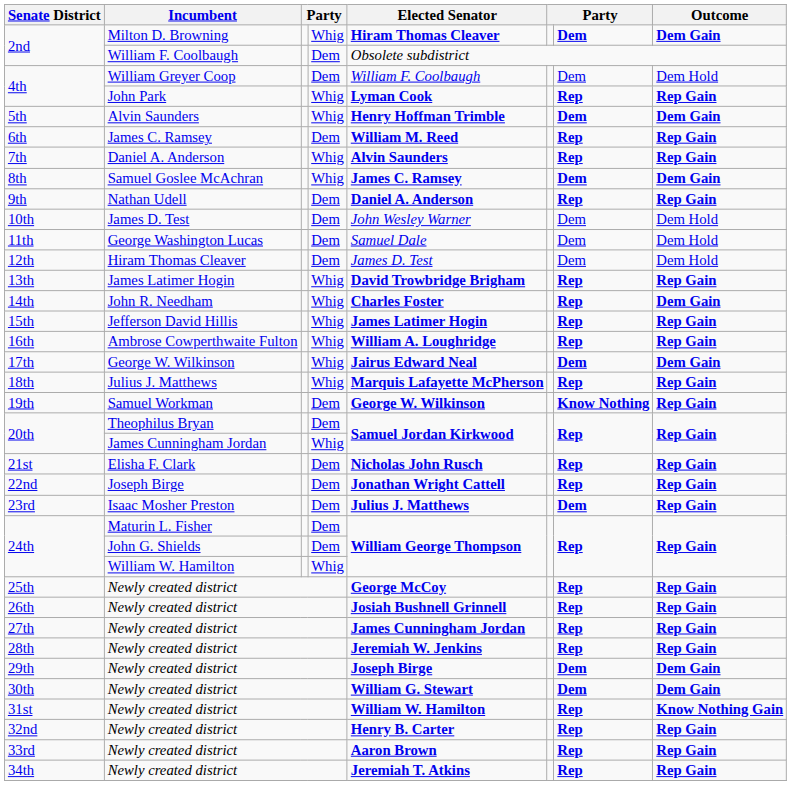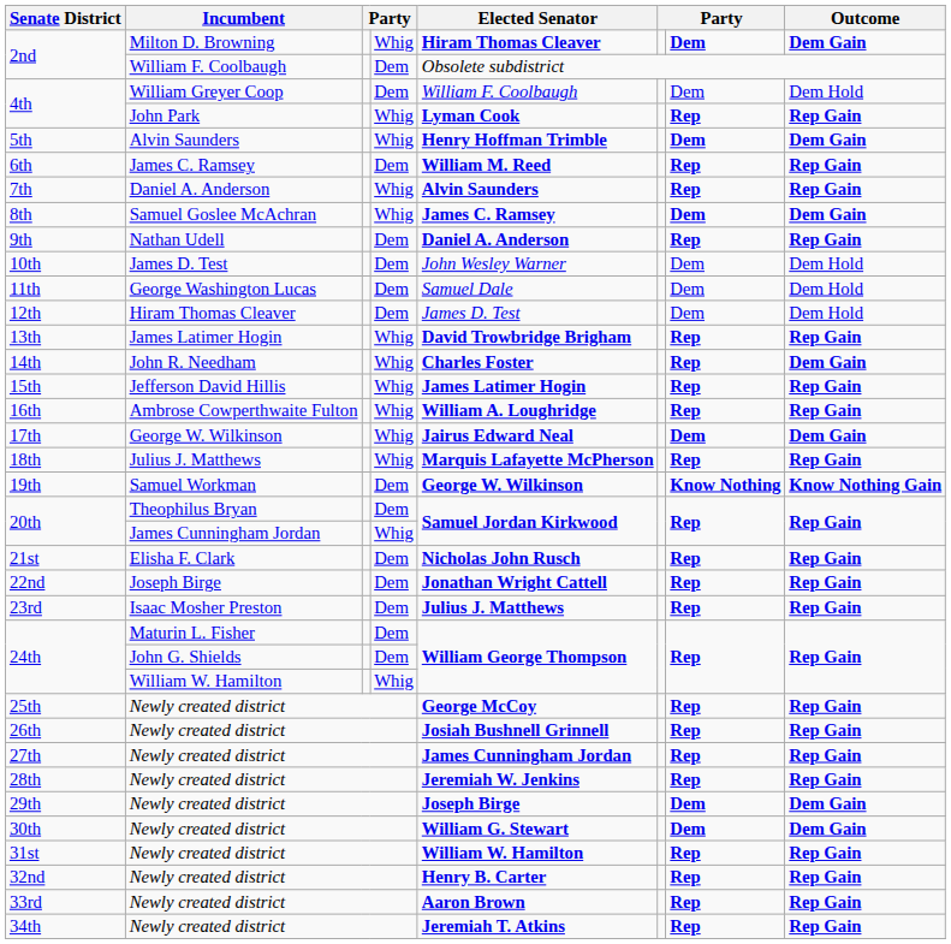 <table class="sortable wikitable" style="font-size:95%;line-height:14px;">
 <tr>
 <th class="sortable"><a href='#'>Senate</a> District</th>
 <th class="sortable"><a href='#'>Incumbent</a></th>
 <th colspan="2">Party</th>
 <th class="sortable">Elected Senator</th>
 <th colspan="2">Party</th>
 <th class="sortable">Outcome</th>
 </tr>
 <tr>
 <td rowspan="2"><a href='#'>2nd</a></td>
 <td><a href='#'>Milton D. Browning</a></td>
 <td style="background:"></td>
 <td><a href='#'>Whig</a></td>
 <td><strong><a href='#'>Hiram Thomas Cleaver</a></strong></td>
 <td style="background:"></td>
 <td><strong><a href='#'>Dem</a></strong></td>
 <td><strong><a href='#'>Dem Gain</a></strong></td>
 </tr>
 <tr>
 <td><a href='#'>William F. Coolbaugh</a></td>
 <td style="background:"></td>
 <td><a href='#'>Dem</a></td>
 <td colspan="4" ><em>Obsolete subdistrict</em></td>
 </tr>
 <tr>
 <td rowspan="2"><a href='#'>4th</a></td>
 <td><a href='#'>William Greyer Coop</a></td>
 <td style="background:"></td>
 <td><a href='#'>Dem</a></td>
 <td><em><a href='#'>William F. Coolbaugh</a></em></td>
 <td style="background:"></td>
 <td><a href='#'>Dem</a></td>
 <td><a href='#'>Dem Hold</a></td>
 </tr>
 <tr>
 <td><a href='#'>John Park</a></td>
 <td style="background:"></td>
 <td><a href='#'>Whig</a></td>
 <td><strong><a href='#'>Lyman Cook</a></strong></td>
 <td style="background:"></td>
 <td><strong><a href='#'>Rep</a></strong></td>
 <td><strong><a href='#'>Rep Gain</a></strong></td>
 </tr>
 <tr>
 <td><a href='#'>5th</a></td>
 <td><a href='#'>Alvin Saunders</a></td>
 <td style="background:"></td>
 <td><a href='#'>Whig</a></td>
 <td><strong><a href='#'>Henry Hoffman Trimble</a></strong></td>
 <td style="background:"></td>
 <td><strong><a href='#'>Dem</a></strong></td>
 <td><strong><a href='#'>Dem Gain</a></strong></td>
 </tr>
 <tr>
 <td><a href='#'>6th</a></td>
 <td><a href='#'>James C. Ramsey</a></td>
 <td style="background:"></td>
 <td><a href='#'>Dem</a></td>
 <td><strong><a href='#'>William M. Reed</a></strong></td>
 <td style="background:"></td>
 <td><strong><a href='#'>Rep</a></strong></td>
 <td><strong><a href='#'>Rep Gain</a></strong></td>
 </tr>
 <tr>
 <td><a href='#'>7th</a></td>
 <td><a href='#'>Daniel A. Anderson</a></td>
 <td style="background:"></td>
 <td><a href='#'>Whig</a></td>
 <td><strong><a href='#'>Alvin Saunders</a></strong></td>
 <td style="background:"></td>
 <td><strong><a href='#'>Rep</a></strong></td>
 <td><strong><a href='#'>Rep Gain</a></strong></td>
 </tr>
 <tr>
 <td><a href='#'>8th</a></td>
 <td><a href='#'>Samuel Goslee McAchran</a></td>
 <td style="background:"></td>
 <td><a href='#'>Whig</a></td>
 <td><strong><a href='#'>James C. Ramsey</a></strong></td>
 <td style="background:"></td>
 <td><strong><a href='#'>Dem</a></strong></td>
 <td><strong><a href='#'>Dem Gain</a></strong></td>
 </tr>
 <tr>
 <td><a href='#'>9th</a></td>
 <td><a href='#'>Nathan Udell</a></td>
 <td style="background:"></td>
 <td><a href='#'>Dem</a></td>
 <td><strong><a href='#'>Daniel A. Anderson</a></strong></td>
 <td style="background:"></td>
 <td><strong><a href='#'>Rep</a></strong></td>
 <td><strong><a href='#'>Rep Gain</a></strong></td>
 </tr>
 <tr>
 <td><a href='#'>10th</a></td>
 <td><a href='#'>James D. Test</a></td>
 <td style="background:"></td>
 <td><a href='#'>Dem</a></td>
 <td><em><a href='#'>John Wesley Warner</a></em></td>
 <td style="background:"></td>
 <td><a href='#'>Dem</a></td>
 <td><a href='#'>Dem Hold</a></td>
 </tr>
 <tr>
 <td><a href='#'>11th</a></td>
 <td><a href='#'>George Washington Lucas</a></td>
 <td style="background:"></td>
 <td><a href='#'>Dem</a></td>
 <td><em><a href='#'>Samuel Dale</a></em></td>
 <td style="background:"></td>
 <td><a href='#'>Dem</a></td>
 <td><a href='#'>Dem Hold</a></td>
 </tr>
 <tr>
 <td><a href='#'>12th</a></td>
 <td><a href='#'>Hiram Thomas Cleaver</a></td>
 <td style="background:"></td>
 <td><a href='#'>Dem</a></td>
 <td><em><a href='#'>James D. Test</a></em></td>
 <td style="background:"></td>
 <td><a href='#'>Dem</a></td>
 <td><a href='#'>Dem Hold</a></td>
 </tr>
 <tr>
 <td><a href='#'>13th</a></td>
 <td><a href='#'>James Latimer Hogin</a></td>
 <td style="background:"></td>
 <td><a href='#'>Whig</a></td>
 <td><strong><a href='#'>David Trowbridge Brigham</a></strong></td>
 <td style="background:"></td>
 <td><strong><a href='#'>Rep</a></strong></td>
 <td><strong><a href='#'>Rep Gain</a></strong></td>
 </tr>
 <tr>
 <td><a href='#'>14th</a></td>
 <td><a href='#'>John R. Needham</a></td>
 <td style="background:"></td>
 <td><a href='#'>Whig</a></td>
 <td><strong><a href='#'>Charles Foster</a></strong></td>
 <td style="background:"></td>
 <td><strong><a href='#'>Rep</a></strong></td>
 <td><strong><a href='#'>Dem Gain</a></strong></td>
 </tr>
 <tr>
 <td><a href='#'>15th</a></td>
 <td><a href='#'>Jefferson David Hillis</a></td>
 <td style="background:"></td>
 <td><a href='#'>Whig</a></td>
 <td><strong><a href='#'>James Latimer Hogin</a></strong></td>
 <td style="background:"></td>
 <td><strong><a href='#'>Rep</a></strong></td>
 <td><strong><a href='#'>Rep Gain</a></strong></td>
 </tr>
 <tr>
 <td><a href='#'>16th</a></td>
 <td><a href='#'>Ambrose Cowperthwaite Fulton</a></td>
 <td style="background:"></td>
 <td><a href='#'>Whig</a></td>
 <td><strong><a href='#'>William A. Loughridge</a></strong></td>
 <td style="background:"></td>
 <td><strong><a href='#'>Rep</a></strong></td>
 <td><strong><a href='#'>Rep Gain</a></strong></td>
 </tr>
 <tr>
 <td><a href='#'>17th</a></td>
 <td><a href='#'>George W. Wilkinson</a></td>
 <td style="background:"></td>
 <td><a href='#'>Whig</a></td>
 <td><strong><a href='#'>Jairus Edward Neal</a></strong></td>
 <td style="background:"></td>
 <td><strong><a href='#'>Dem</a></strong></td>
 <td><strong><a href='#'>Dem Gain</a></strong></td>
 </tr>
 <tr>
 <td><a href='#'>18th</a></td>
 <td><a href='#'>Julius J. Matthews</a></td>
 <td style="background:"></td>
 <td><a href='#'>Whig</a></td>
 <td><strong><a href='#'>Marquis Lafayette McPherson</a></strong></td>
 <td style="background:"></td>
 <td><strong><a href='#'>Rep</a></strong></td>
 <td><strong><a href='#'>Rep Gain</a></strong></td>
 </tr>
 <tr>
 <td><a href='#'>19th</a></td>
 <td><a href='#'>Samuel Workman</a></td>
 <td style="background:"></td>
 <td><a href='#'>Dem</a></td>
 <td><strong><a href='#'>George W. Wilkinson</a></strong></td>
 <td style="background:"></td>
 <td><strong><a href='#'>Know Nothing</a></strong></td>
-<td><strong><a href='#'>Rep Gain</a></strong></td>
+<td><strong><a href='#'>Know Nothing Gain</a></strong></td>
 </tr>
 <tr>
 <td rowspan="2"><a href='#'>20th</a></td>
 <td><a href='#'>Theophilus Bryan</a></td>
 <td style="background:"></td>
 <td><a href='#'>Dem</a></td>
 <td rowspan="2"><strong><a href='#'>Samuel Jordan Kirkwood</a></strong></td>
 <td rowspan="2" style="background:"></td>
 <td rowspan="2"><strong><a href='#'>Rep</a></strong></td>
 <td rowspan="2" ><strong><a href='#'>Rep Gain</a></strong></td>
 </tr>
 <tr>
 <td><a href='#'>James Cunningham Jordan</a></td>
 <td style="background:"></td>
 <td><a href='#'>Whig</a></td>
 </tr>
 <tr>
 <td><a href='#'>21st</a></td>
 <td><a href='#'>Elisha F. Clark</a></td>
 <td style="background:"></td>
 <td><a href='#'>Dem</a></td>
 <td><strong><a href='#'>Nicholas John Rusch</a></strong></td>
 <td style="background:"></td>
 <td><strong><a href='#'>Rep</a></strong></td>
 <td><strong><a href='#'>Rep Gain</a></strong></td>
 </tr>
 <tr>
 <td><a href='#'>22nd</a></td>
 <td><a href='#'>Joseph Birge</a></td>
 <td style="background:"></td>
 <td><a href='#'>Dem</a></td>
 <td><strong><a href='#'>Jonathan Wright Cattell</a></strong></td>
 <td style="background:"></td>
 <td><strong><a href='#'>Rep</a></strong></td>
 <td><strong><a href='#'>Rep Gain</a></strong></td>
 </tr>
 <tr>
 <td><a href='#'>23rd</a></td>
 <td><a href='#'>Isaac Mosher Preston</a></td>
 <td style="background:"></td>
 <td><a href='#'>Dem</a></td>
 <td><strong><a href='#'>Julius J. Matthews</a></strong></td>
 <td style="background:"></td>
-<td><strong><a href='#'>Dem</a></strong></td>
+<td><strong><a href='#'>Rep</a></strong></td>
 <td><strong><a href='#'>Rep Gain</a></strong></td>
 </tr>
 <tr>
 <td rowspan="3"><a href='#'>24th</a></td>
 <td><a href='#'>Maturin L. Fisher</a></td>
 <td style="background:"></td>
 <td><a href='#'>Dem</a></td>
 <td rowspan="3"><strong><a href='#'>William George Thompson</a></strong></td>
 <td rowspan="3" style="background:"></td>
 <td rowspan="3"><strong><a href='#'>Rep</a></strong></td>
 <td rowspan="3" ><strong><a href='#'>Rep Gain</a></strong></td>
 </tr>
 <tr>
 <td><a href='#'>John G. Shields</a></td>
 <td style="background:"></td>
 <td><a href='#'>Dem</a></td>
 </tr>
 <tr>
 <td><a href='#'>William W. Hamilton</a></td>
 <td style="background:"></td>
 <td><a href='#'>Whig</a></td>
 </tr>
 <tr>
 <td><a href='#'>25th</a></td>
 <td colspan="3" ><em>Newly created district</em></td>
 <td><strong><a href='#'>George McCoy</a></strong></td>
 <td style="background:"></td>
 <td><strong><a href='#'>Rep</a></strong></td>
 <td><strong><a href='#'>Rep Gain</a></strong></td>
 </tr>
 <tr>
 <td><a href='#'>26th</a></td>
 <td colspan="3" ><em>Newly created district</em></td>
 <td><strong><a href='#'>Josiah Bushnell Grinnell</a></strong></td>
 <td style="background:"></td>
 <td><strong><a href='#'>Rep</a></strong></td>
 <td><strong><a href='#'>Rep Gain</a></strong></td>
 </tr>
 <tr>
 <td><a href='#'>27th</a></td>
 <td colspan="3" ><em>Newly created district</em></td>
 <td><strong><a href='#'>James Cunningham Jordan</a></strong></td>
 <td style="background:"></td>
 <td><strong><a href='#'>Rep</a></strong></td>
 <td><strong><a href='#'>Rep Gain</a></strong></td>
 </tr>
 <tr>
 <td><a href='#'>28th</a></td>
 <td colspan="3" ><em>Newly created district</em></td>
 <td><strong><a href='#'>Jeremiah W. Jenkins</a></strong></td>
 <td style="background:"></td>
 <td><strong><a href='#'>Rep</a></strong></td>
 <td><strong><a href='#'>Rep Gain</a></strong></td>
 </tr>
 <tr>
 <td><a href='#'>29th</a></td>
 <td colspan="3" ><em>Newly created district</em></td>
 <td><strong><a href='#'>Joseph Birge</a></strong></td>
 <td style="background:"></td>
 <td><strong><a href='#'>Dem</a></strong></td>
 <td><strong><a href='#'>Dem Gain</a></strong></td>
 </tr>
 <tr>
 <td><a href='#'>30th</a></td>
 <td colspan="3" ><em>Newly created district</em></td>
 <td><strong><a href='#'>William G. Stewart</a></strong></td>
 <td style="background:"></td>
 <td><strong><a href='#'>Dem</a></strong></td>
 <td><strong><a href='#'>Dem Gain</a></strong></td>
 </tr>
 <tr>
 <td><a href='#'>31st</a></td>
 <td colspan="3" ><em>Newly created district</em></td>
 <td><strong><a href='#'>William W. Hamilton</a></strong></td>
 <td style="background:"></td>
 <td><strong><a href='#'>Rep</a></strong></td>
-<td><strong><a href='#'>Know Nothing Gain</a></strong></td>
+<td><strong><a href='#'>Rep Gain</a></strong></td>
 </tr>
 <tr>
 <td><a href='#'>32nd</a></td>
 <td colspan="3" ><em>Newly created district</em></td>
 <td><strong><a href='#'>Henry B. Carter</a></strong></td>
 <td style="background:"></td>
 <td><strong><a href='#'>Rep</a></strong></td>
 <td><strong><a href='#'>Rep Gain</a></strong></td>
 </tr>
 <tr>
 <td><a href='#'>33rd</a></td>
 <td colspan="3" ><em>Newly created district</em></td>
 <td><strong><a href='#'>Aaron Brown</a></strong></td>
 <td style="background:"></td>
 <td><strong><a href='#'>Rep</a></strong></td>
 <td><strong><a href='#'>Rep Gain</a></strong></td>
 </tr>
 <tr>
 <td><a href='#'>34th</a></td>
 <td colspan="3" ><em>Newly created district</em></td>
 <td><strong><a href='#'>Jeremiah T. Atkins</a></strong></td>
 <td style="background:"></td>
 <td><strong><a href='#'>Rep</a></strong></td>
 <td><strong><a href='#'>Rep Gain</a></strong></td>
 </tr>
 <tr>
 </tr>
 </table>
